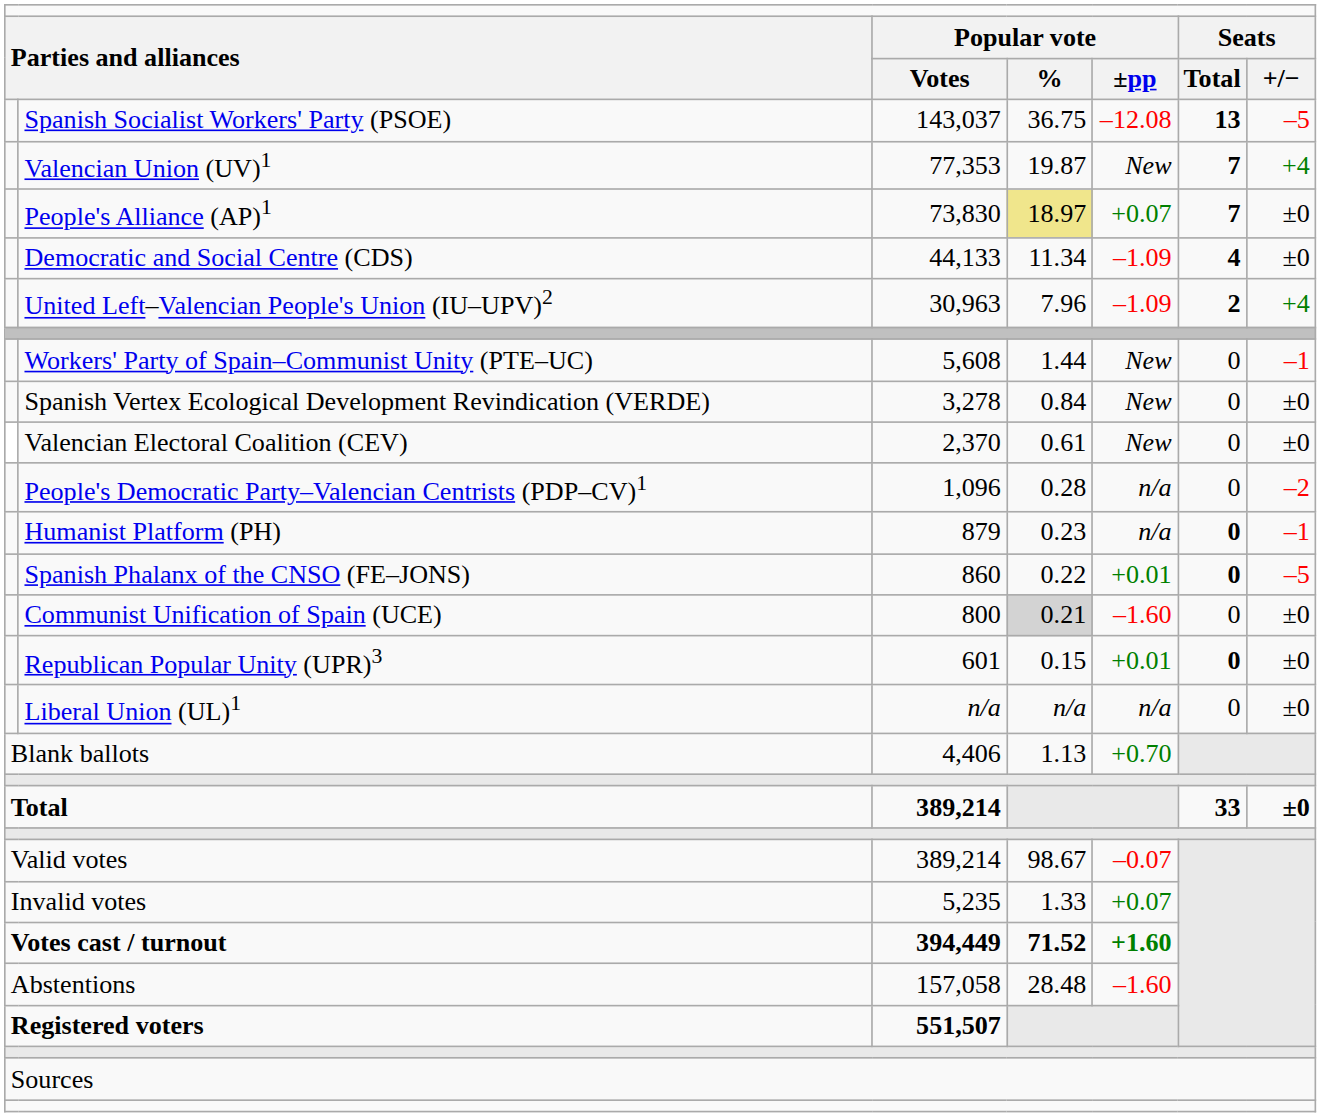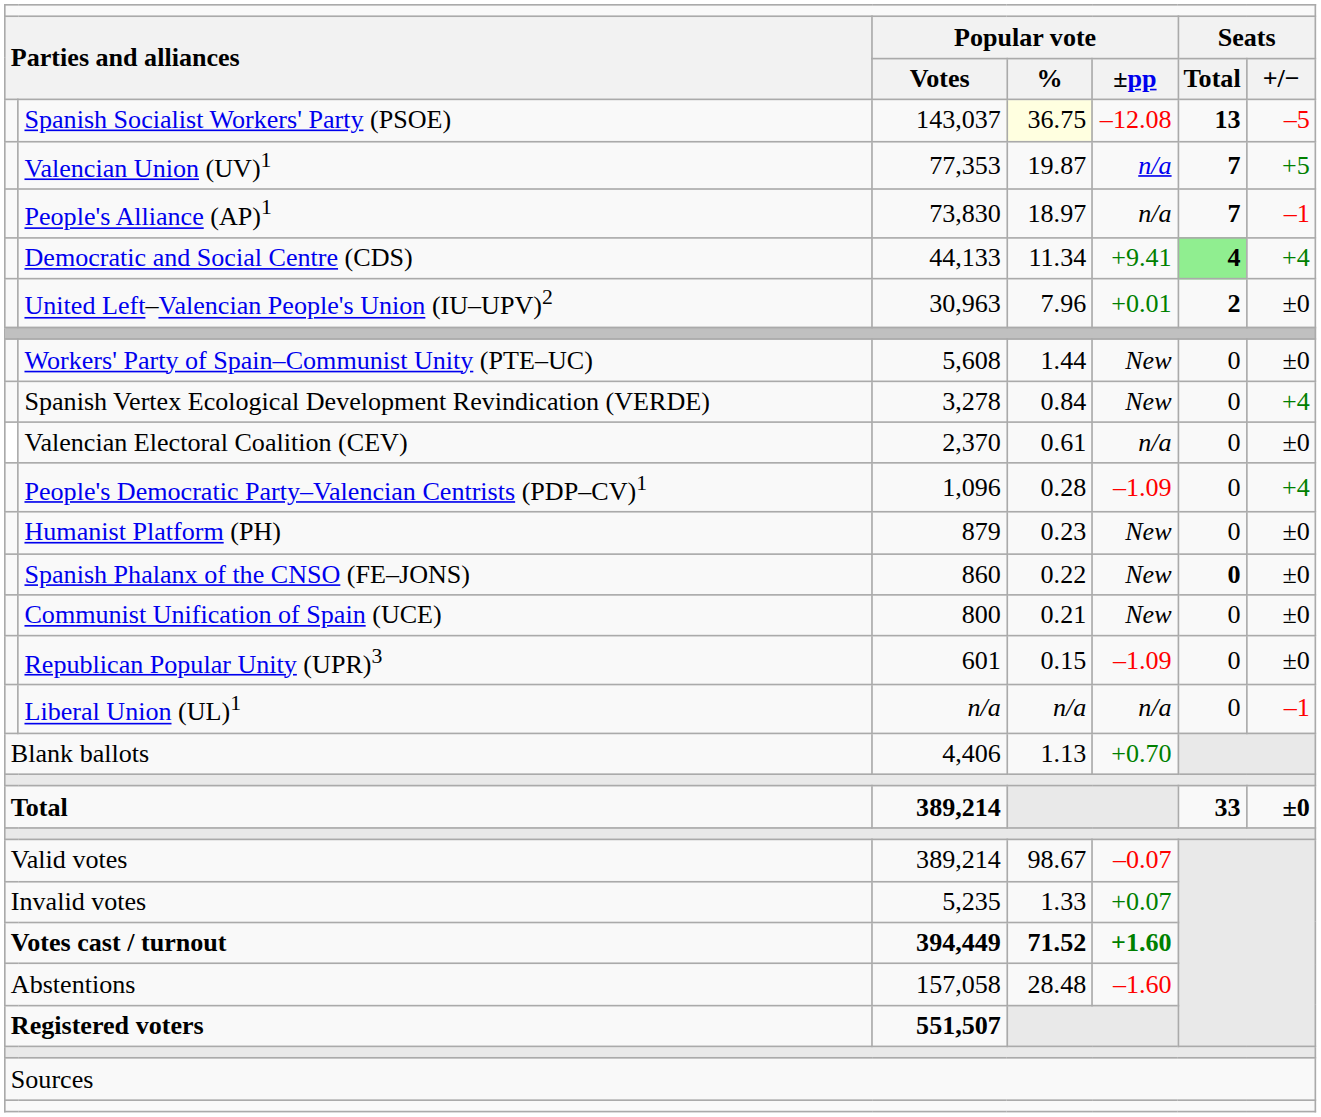 <table class="wikitable" style="text-align:right;">
 <tr>
 <td colspan="7"></td>
 </tr>
 <tr>
 <th style="text-align:left;" rowspan="2" colspan="2" width="525">Parties and alliances</th>
 <th colspan="3">Popular vote</th>
 <th colspan="2">Seats</th>
 </tr>
 <tr>
 <th width="75">Votes</th>
 <th width="45">%</th>
 <th width="45">±<a href='#'>pp</a></th>
 <th width="35">Total</th>
 <th width="35">+/−</th>
 </tr>
 <tr>
 <td width="1" style="color:inherit;background:"></td>
 <td align="left"><a href='#'>Spanish Socialist Workers' Party</a> (PSOE)</td>
 <td>143,037</td>
-<td>36.75</td>
+<td style="background: lightyellow;">36.75</td>
 <td style="color:red;">–12.08</td>
 <td><strong>13</strong></td>
 <td style="color:red;">–5</td>
 </tr>
 <tr>
 <td style="color:inherit;background:"></td>
 <td align="left"><a href='#'>Valencian Union</a> (UV)<sup>1</sup></td>
 <td>77,353</td>
 <td>19.87</td>
-<td><em>New</em></td>
+<td><em><a href='#'>n/a</a></em></td>
 <td><strong>7</strong></td>
-<td style="color:green;">+4</td>
+<td style="color:green;">+5</td>
 </tr>
 <tr>
 <td style="color:inherit;background:"></td>
 <td align="left"><a href='#'>People's Alliance</a> (AP)<sup>1</sup></td>
 <td>73,830</td>
-<td style="background: khaki;">18.97</td>
-<td style="color:green;">+0.07</td>
+<td>18.97</td>
+<td><em>n/a</em></td>
 <td><strong>7</strong></td>
-<td>±0</td>
+<td style="color:red;">–1</td>
 </tr>
 <tr>
 <td style="color:inherit;background:"></td>
 <td align="left"><a href='#'>Democratic and Social Centre</a> (CDS)</td>
 <td>44,133</td>
 <td>11.34</td>
-<td style="color:red;">–1.09</td>
-<td><strong>4</strong></td>
-<td>±0</td>
+<td style="color:green;">+9.41</td>
+<td style="background: lightgreen;"><strong>4</strong></td>
+<td style="color:green;">+4</td>
 </tr>
 <tr>
 <td style="color:inherit;background:"></td>
 <td align="left"><a href='#'>United Left</a>–<a href='#'>Valencian People's Union</a> (IU–UPV)<sup>2</sup></td>
 <td>30,963</td>
 <td>7.96</td>
-<td style="color:red;">–1.09</td>
+<td style="color:green;">+0.01</td>
 <td><strong>2</strong></td>
-<td style="color:green;">+4</td>
+<td>±0</td>
 </tr>
 <tr>
 <td colspan="7" bgcolor="#C0C0C0"></td>
 </tr>
 <tr>
 <td style="color:inherit;background:"></td>
 <td align="left"><a href='#'>Workers' Party of Spain–Communist Unity</a> (PTE–UC)</td>
 <td>5,608</td>
 <td>1.44</td>
 <td><em>New</em></td>
 <td>0</td>
-<td style="color:red;">–1</td>
+<td>±0</td>
 </tr>
 <tr>
 <td style="color:inherit;background:"></td>
 <td align="left">Spanish Vertex Ecological Development Revindication (VERDE)</td>
 <td>3,278</td>
 <td>0.84</td>
 <td><em>New</em></td>
 <td>0</td>
-<td>±0</td>
+<td style="color:green;">+4</td>
 </tr>
 <tr>
 <td bgcolor="white"></td>
 <td align="left">Valencian Electoral Coalition (CEV)</td>
 <td>2,370</td>
 <td>0.61</td>
-<td><em>New</em></td>
+<td><em>n/a</em></td>
 <td>0</td>
 <td>±0</td>
 </tr>
 <tr>
 <td style="color:inherit;background:"></td>
 <td align="left"><a href='#'>People's Democratic Party–Valencian Centrists</a> (PDP–CV)<sup>1</sup></td>
 <td>1,096</td>
 <td>0.28</td>
-<td><em>n/a</em></td>
+<td style="color:red;">–1.09</td>
 <td>0</td>
-<td style="color:red;">–2</td>
+<td style="color:green;">+4</td>
 </tr>
 <tr>
 <td style="color:inherit;background:"></td>
 <td align="left"><a href='#'>Humanist Platform</a> (PH)</td>
 <td>879</td>
 <td>0.23</td>
-<td><em>n/a</em></td>
-<td><strong>0</strong></td>
-<td style="color:red;">–1</td>
+<td><em>New</em></td>
+<td>0</td>
+<td>±0</td>
 </tr>
 <tr>
 <td style="color:inherit;background:"></td>
 <td align="left"><a href='#'>Spanish Phalanx of the CNSO</a> (FE–JONS)</td>
 <td>860</td>
 <td>0.22</td>
-<td style="color:green;">+0.01</td>
+<td><em>New</em></td>
 <td><strong>0</strong></td>
-<td style="color:red;">–5</td>
+<td>±0</td>
 </tr>
 <tr>
 <td style="color:inherit;background:"></td>
 <td align="left"><a href='#'>Communist Unification of Spain</a> (UCE)</td>
 <td>800</td>
-<td style="background: lightgrey;">0.21</td>
-<td style="color:red;">–1.60</td>
+<td>0.21</td>
+<td><em>New</em></td>
 <td>0</td>
 <td>±0</td>
 </tr>
 <tr>
 <td style="color:inherit;background:"></td>
 <td align="left"><a href='#'>Republican Popular Unity</a> (UPR)<sup>3</sup></td>
 <td>601</td>
 <td>0.15</td>
-<td style="color:green;">+0.01</td>
-<td><strong>0</strong></td>
+<td style="color:red;">–1.09</td>
+<td>0</td>
 <td>±0</td>
 </tr>
 <tr>
 <td style="color:inherit;background:"></td>
 <td align="left"><a href='#'>Liberal Union</a> (UL)<sup>1</sup></td>
 <td><em>n/a</em></td>
 <td><em>n/a</em></td>
 <td><em>n/a</em></td>
 <td>0</td>
-<td>±0</td>
+<td style="color:red;">–1</td>
 </tr>
 <tr>
 <td align="left" colspan="2">Blank ballots</td>
 <td>4,406</td>
 <td>1.13</td>
 <td style="color:green;">+0.70</td>
 <td bgcolor="#E9E9E9" colspan="2"></td>
 </tr>
 <tr>
 <td colspan="7" bgcolor="#E9E9E9"></td>
 </tr>
 <tr style="font-weight:bold;">
 <td align="left" colspan="2">Total</td>
 <td>389,214</td>
 <td bgcolor="#E9E9E9" colspan="2"></td>
 <td>33</td>
 <td>±0</td>
 </tr>
 <tr>
 <td colspan="7" bgcolor="#E9E9E9"></td>
 </tr>
 <tr>
 <td align="left" colspan="2">Valid votes</td>
 <td>389,214</td>
 <td>98.67</td>
 <td style="color:red;">–0.07</td>
 <td bgcolor="#E9E9E9" colspan="2" rowspan="5"></td>
 </tr>
 <tr>
 <td align="left" colspan="2">Invalid votes</td>
 <td>5,235</td>
 <td>1.33</td>
 <td style="color:green;">+0.07</td>
 </tr>
 <tr style="font-weight:bold;">
 <td align="left" colspan="2">Votes cast / turnout</td>
 <td>394,449</td>
 <td>71.52</td>
 <td style="color:green;">+1.60</td>
 </tr>
 <tr>
 <td align="left" colspan="2">Abstentions</td>
 <td>157,058</td>
 <td>28.48</td>
 <td style="color:red;">–1.60</td>
 </tr>
 <tr style="font-weight:bold;">
 <td align="left" colspan="2">Registered voters</td>
 <td>551,507</td>
 <td bgcolor="#E9E9E9" colspan="2"></td>
 </tr>
 <tr>
 <td colspan="7" bgcolor="#E9E9E9"></td>
 </tr>
 <tr>
 <td align="left" colspan="7">Sources</td>
 </tr>
 <tr>
 <td colspan="7" style="text-align:left; max-width:790px;"></td>
 </tr>
 </table>
